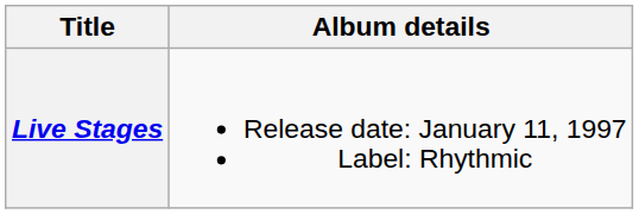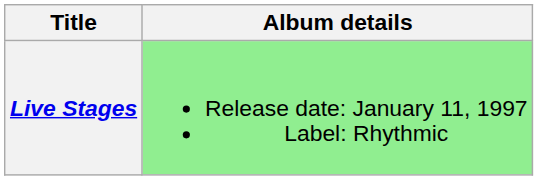 <table class="wikitable plainrowheaders" style="text-align:center;">
 <tr>
 <th>Title</th>
 <th>Album details</th>
 </tr>
 <tr>
 <th scope="row"><em><a href='#'>Live Stages</a></em></th>
-<td><br><ul><li>Release date: January 11, 1997</li><li>Label: Rhythmic</li></ul></td>
+<td style="background: lightgreen;"><br><ul><li>Release date: January 11, 1997</li><li>Label: Rhythmic</li></ul></td>
 </tr>
 </table>
